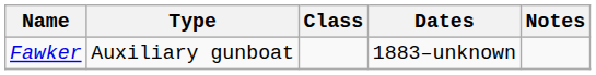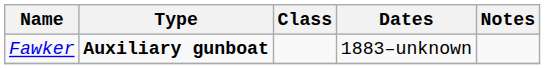 <table class="wikitable">
 <tr>
 <th>Name</th>
 <th>Type</th>
 <th>Class</th>
 <th>Dates</th>
 <th>Notes</th>
 </tr>
 <tr>
 <td><em><a href='#'>Fawker</a></em></td>
-<td>Auxiliary gunboat</td>
+<td><strong>Auxiliary gunboat</strong></td>
 <td> </td>
 <td>1883–unknown</td>
 <td> </td>
 </tr>
 <tr>
 </tr>
 </table>
